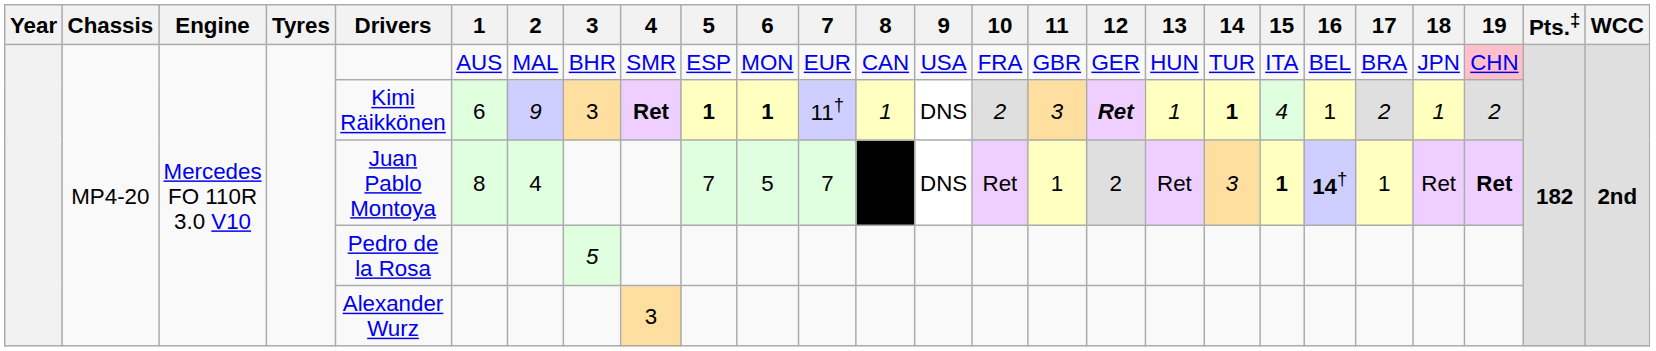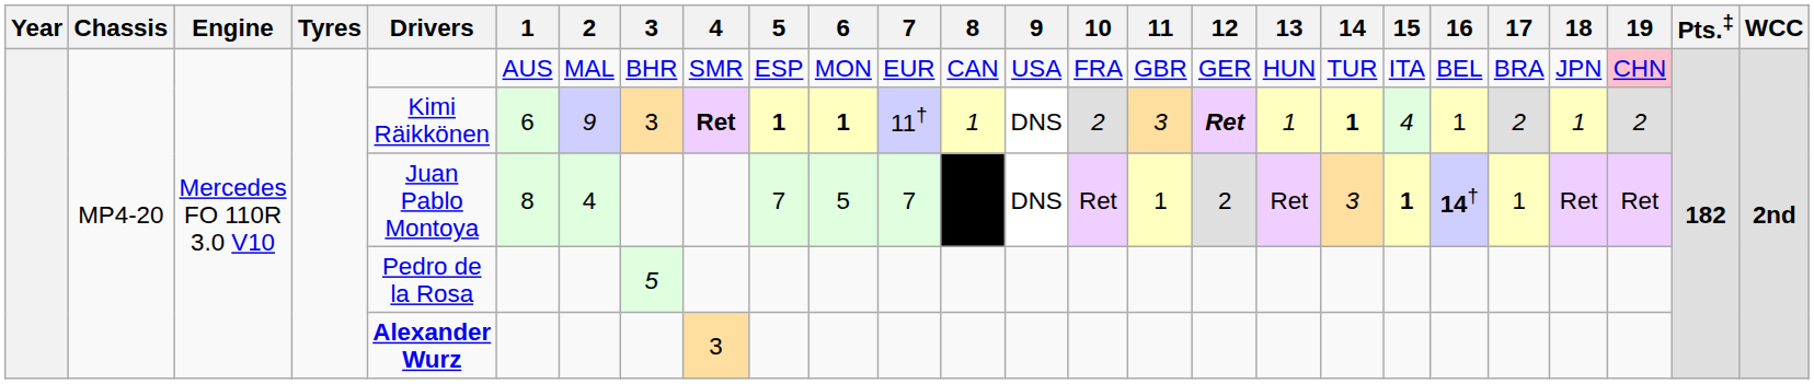 <table class="wikitable" style="text-align:center; font-size:95%">
 <tr>
 <th>Year</th>
 <th>Chassis</th>
 <th>Engine</th>
 <th>Tyres</th>
 <th>Drivers</th>
 <th>1</th>
 <th>2</th>
 <th>3</th>
 <th>4</th>
 <th>5</th>
 <th>6</th>
 <th>7</th>
 <th>8</th>
 <th>9</th>
 <th>10</th>
 <th>11</th>
 <th>12</th>
 <th>13</th>
 <th>14</th>
 <th>15</th>
 <th>16</th>
 <th>17</th>
 <th>18</th>
 <th>19</th>
 <th>Pts.<sup>‡</sup></th>
 <th>WCC</th>
 </tr>
 <tr>
 <th rowspan="5"></th>
 <td rowspan="5">MP4-20</td>
 <td rowspan="5"><a href='#'>Mercedes</a> FO 110R 3.0 <a href='#'>V10</a></td>
 <td rowspan="5"></td>
 <td></td>
 <td><a href='#'>AUS</a></td>
 <td><a href='#'>MAL</a></td>
 <td><a href='#'>BHR</a></td>
 <td><a href='#'>SMR</a></td>
 <td><a href='#'>ESP</a></td>
 <td><a href='#'>MON</a></td>
 <td><a href='#'>EUR</a></td>
 <td><a href='#'>CAN</a></td>
 <td><a href='#'>USA</a></td>
 <td><a href='#'>FRA</a></td>
 <td><a href='#'>GBR</a></td>
 <td><a href='#'>GER</a></td>
 <td><a href='#'>HUN</a></td>
 <td><a href='#'>TUR</a></td>
 <td><a href='#'>ITA</a></td>
 <td><a href='#'>BEL</a></td>
 <td><a href='#'>BRA</a></td>
 <td><a href='#'>JPN</a></td>
 <td style="background: pink;"><a href='#'>CHN</a></td>
 <td rowspan="5" style="background-color:#DFDFDF"><strong>182</strong></td>
 <td rowspan="5" style="background-color:#DFDFDF"><strong>2nd</strong></td>
 </tr>
 <tr>
 <td> <a href='#'>Kimi Räikkönen</a></td>
 <td style="background-color:#DFFFDF">6</td>
 <td style="background-color:#CFCFFF"><em>9</em></td>
 <td style="background-color:#FFDF9F">3</td>
 <td style="background-color:#EFCFFF"><strong>Ret</strong></td>
 <td style="background-color:#FFFFBF"><strong>1</strong></td>
 <td style="background-color:#FFFFBF"><strong>1</strong></td>
 <td style="background-color:#CFCFFF">11<sup>†</sup></td>
 <td style="background-color:#FFFFBF"><em>1</em></td>
 <td style="background-color:#FFFFFF">DNS</td>
 <td style="background-color:#DFDFDF"><em>2</em></td>
 <td style="background-color:#FFDF9F"><em>3</em></td>
 <td style="background-color:#EFCFFF"><strong><em>Ret</em></strong></td>
 <td style="background-color:#FFFFBF"><em>1</em></td>
 <td style="background-color:#FFFFBF"><strong>1</strong></td>
 <td style="background-color:#DFFFDF"><em>4</em></td>
 <td style="background-color:#FFFFBF">1</td>
 <td style="background-color:#DFDFDF"><em>2</em></td>
 <td style="background-color:#FFFFBF"><em>1</em></td>
 <td style="background-color:#DFDFDF"><em>2</em></td>
 </tr>
 <tr>
 <td> <a href='#'>Juan Pablo Montoya</a></td>
 <td style="background-color:#DFFFDF">8</td>
 <td style="background-color:#DFFFDF">4</td>
 <td></td>
 <td></td>
 <td style="background-color:#DFFFDF">7</td>
 <td style="background-color:#DFFFDF">5</td>
 <td style="background-color:#DFFFDF">7</td>
 <td style="background-color:#000000"><span>DSQ</span></td>
 <td style="background-color:#FFFFFF">DNS</td>
 <td style="background-color:#EFCFFF">Ret</td>
 <td style="background-color:#FFFFBF">1</td>
 <td style="background-color:#DFDFDF">2</td>
 <td style="background-color:#EFCFFF">Ret</td>
 <td style="background-color:#FFDF9F"><em>3</em></td>
 <td style="background-color:#FFFFBF"><strong>1</strong></td>
 <td style="background-color:#CFCFFF"><strong>14</strong><sup>†</sup></td>
 <td style="background-color:#FFFFBF">1</td>
 <td style="background-color:#EFCFFF">Ret</td>
-<td style="background-color:#EFCFFF"><strong>Ret</strong></td>
+<td style="background-color:#EFCFFF">Ret</td>
 </tr>
 <tr>
 <td> <a href='#'>Pedro de la Rosa</a></td>
 <td></td>
 <td></td>
 <td style="background-color:#DFFFDF"><em>5</em></td>
 <td></td>
 <td></td>
 <td></td>
 <td></td>
 <td></td>
 <td></td>
 <td></td>
 <td></td>
 <td></td>
 <td></td>
 <td></td>
 <td></td>
 <td></td>
 <td></td>
 <td></td>
 <td></td>
 </tr>
 <tr>
-<td> <a href='#'>Alexander Wurz</a></td>
+<td><strong> <a href='#'>Alexander Wurz</a></strong></td>
 <td></td>
 <td></td>
 <td></td>
 <td style="background-color:#FFDF9F">3</td>
 <td></td>
 <td></td>
 <td></td>
 <td></td>
 <td></td>
 <td></td>
 <td></td>
 <td></td>
 <td></td>
 <td></td>
 <td></td>
 <td></td>
 <td></td>
 <td></td>
 <td></td>
 </tr>
 </table>
